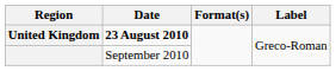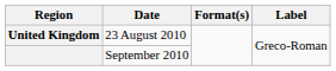 <table class="wikitable plainrowheaders">
 <tr>
 <th scope="col">Region</th>
 <th scope="col">Date</th>
 <th scope="col">Format(s)</th>
 <th scope="col">Label</th>
 </tr>
 <tr>
 <th scope="row">United Kingdom</th>
-<td><strong>23 August 2010</strong></td>
+<td>23 August 2010</td>
 <td rowspan=2></td>
 <td rowspan=2>Greco-Roman</td>
 </tr>
 <tr>
 <th scope="row" rowspan=2></th>
 <td>September 2010</td>
 </tr>
 </table>
